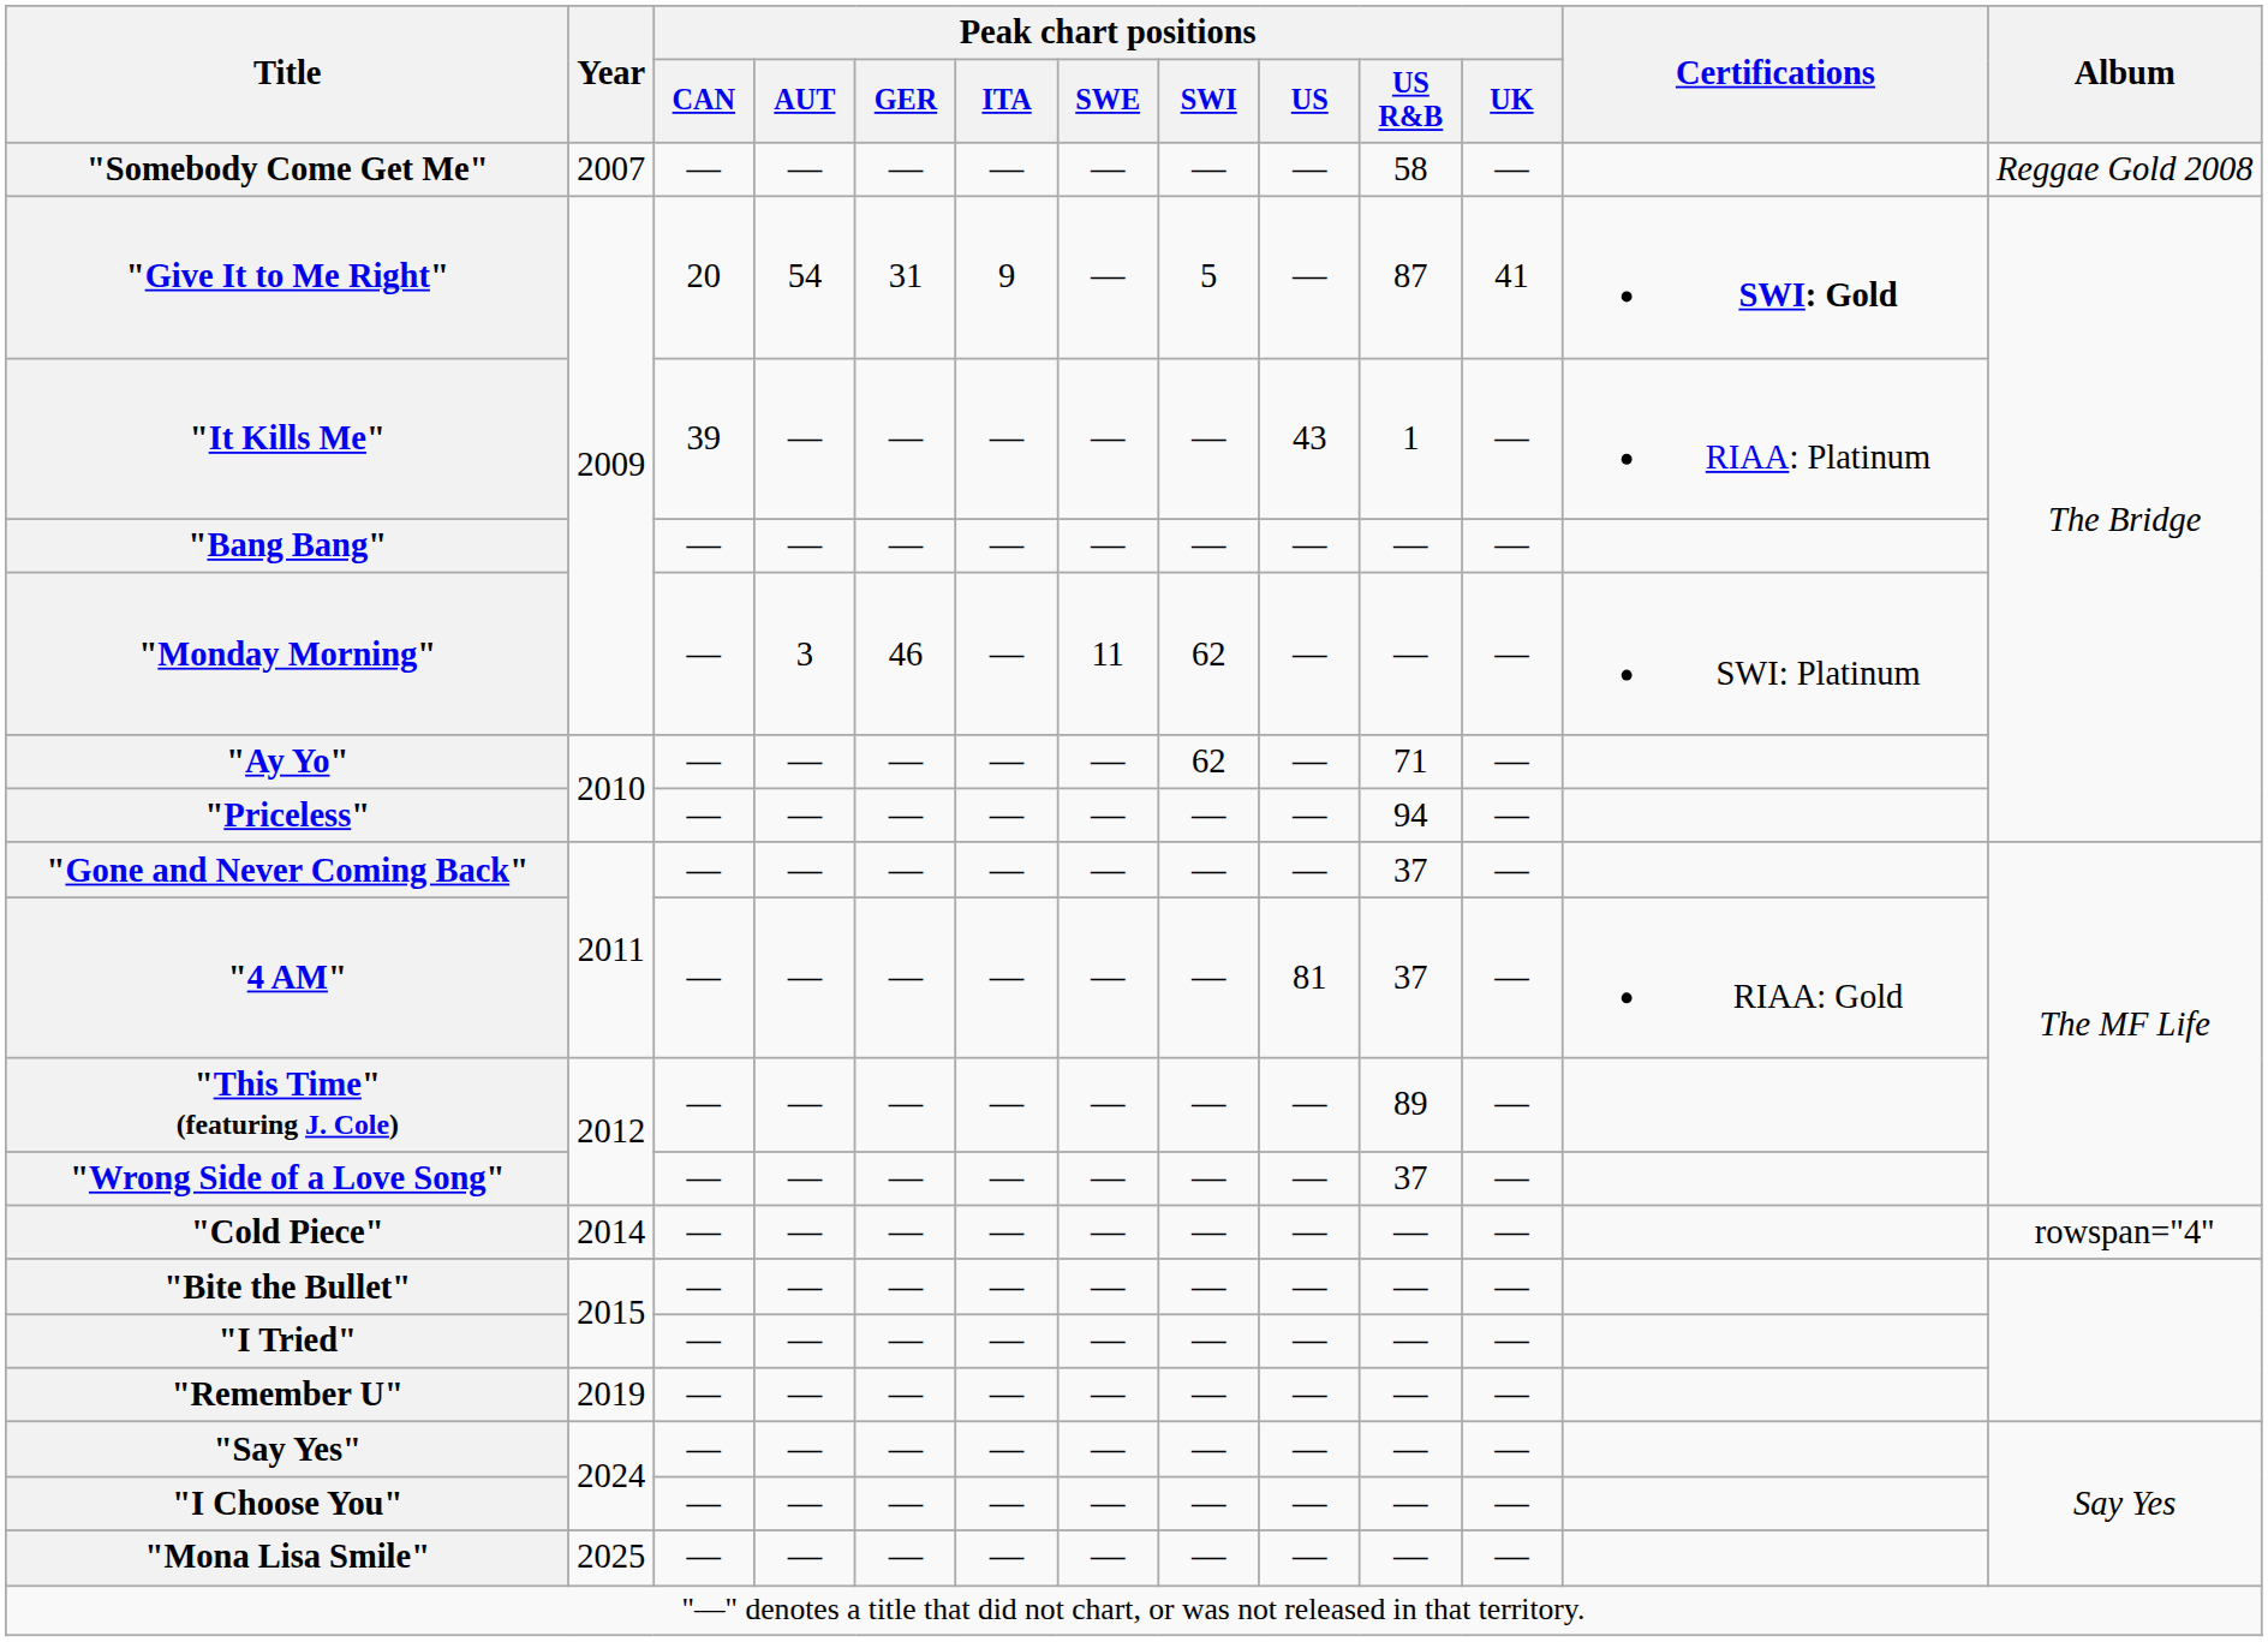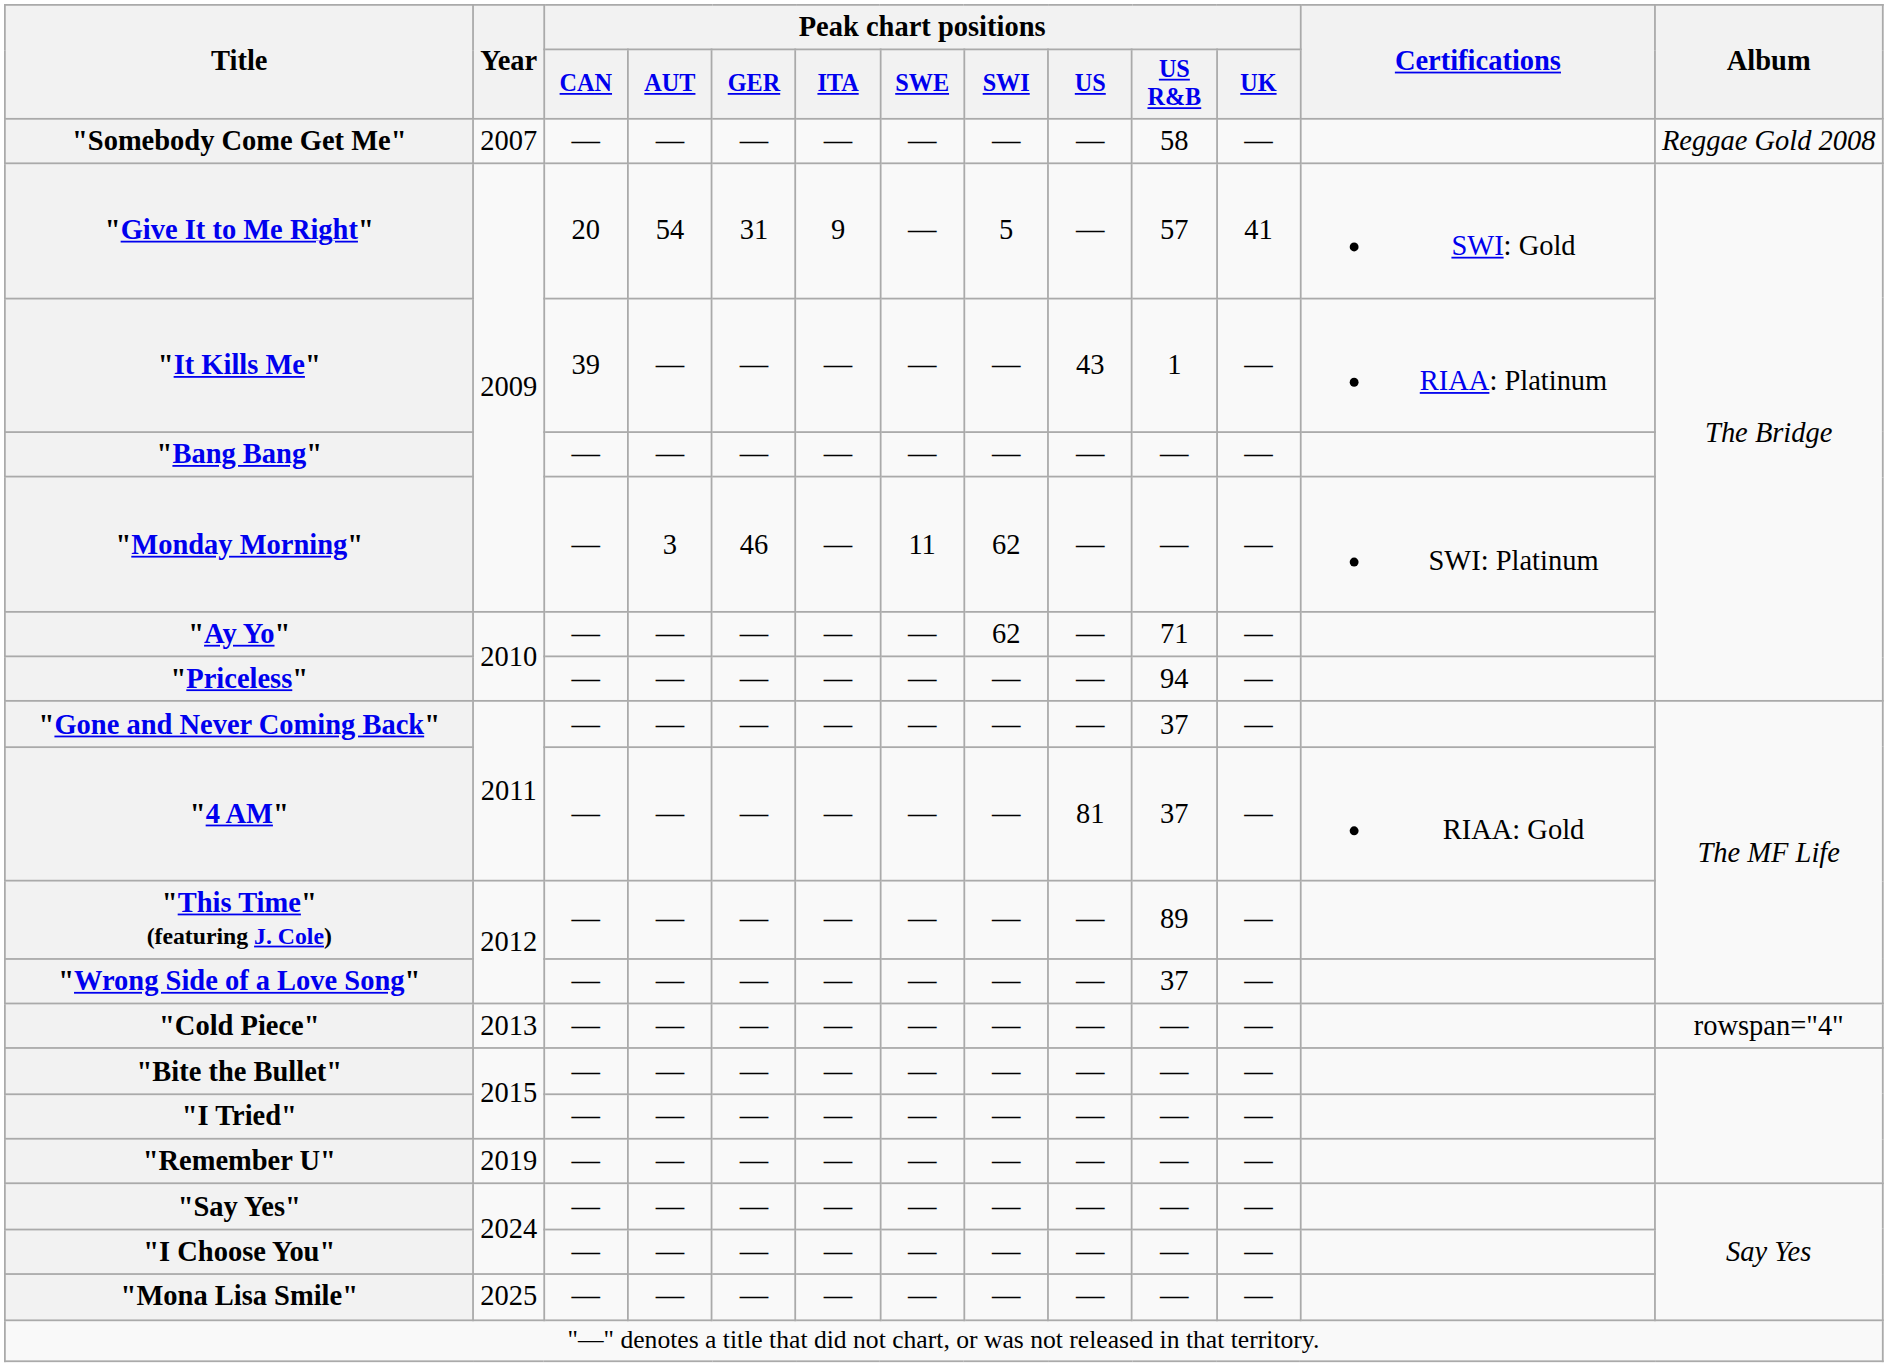 <table class="wikitable plainrowheaders" style="text-align:center;" border="1">
 <tr>
 <th scope="col" rowspan="2" style="width:16em;">Title</th>
 <th scope="col" rowspan="2">Year</th>
 <th scope="col" colspan="9">Peak chart positions</th>
 <th scope="col" rowspan="2" style="width:12em;"><a href='#'>Certifications</a></th>
 <th scope="col" rowspan="2">Album</th>
 </tr>
 <tr>
 <th scope="col" style="width:3em;font-size:85%;"><a href='#'>CAN</a><br></th>
 <th scope="col" style="width:3em;font-size:85%;"><a href='#'>AUT</a></th>
 <th scope="col" style="width:3em;font-size:85%;"><a href='#'>GER</a></th>
 <th scope="col" style="width:3em;font-size:85%;"><a href='#'>ITA</a></th>
 <th scope="col" style="width:3em;font-size:85%;"><a href='#'>SWE</a></th>
 <th scope="col" style="width:3em;font-size:85%;"><a href='#'>SWI</a></th>
 <th scope="col" style="width:3em;font-size:85%;"><a href='#'>US</a><br></th>
 <th scope="col" style="width:3em;font-size:85%;"><a href='#'>US<br>R&B</a><br></th>
 <th scope="col" style="width:3em;font-size:85%;"><a href='#'>UK</a></th>
 </tr>
 <tr>
 <th scope="row">"Somebody Come Get Me"<br></th>
 <td>2007</td>
 <td>—</td>
 <td>—</td>
 <td>—</td>
 <td>—</td>
 <td>—</td>
 <td>—</td>
 <td>—</td>
 <td>58</td>
 <td>—</td>
 <td></td>
 <td><em>Reggae Gold 2008</em></td>
 </tr>
 <tr>
 <th scope="row">"<a href='#'>Give It to Me Right</a>"</th>
 <td rowspan="4">2009</td>
 <td>20</td>
 <td>54</td>
 <td>31</td>
 <td>9</td>
 <td>—</td>
 <td>5</td>
 <td>—</td>
-<td>87</td>
+<td>57</td>
 <td>41</td>
-<td><strong><br><ul><li><a href='#'>SWI</a>: Gold</li></ul></strong></td>
+<td><br><ul><li><a href='#'>SWI</a>: Gold</li></ul></td>
 <td rowspan="6"><em>The Bridge</em></td>
 </tr>
 <tr>
 <th scope="row">"<a href='#'>It Kills Me</a>"</th>
 <td>39</td>
 <td>—</td>
 <td>—</td>
 <td>—</td>
 <td>—</td>
 <td>—</td>
 <td>43</td>
 <td>1</td>
 <td>—</td>
 <td><br><ul><li><a href='#'>RIAA</a>: Platinum</li></ul></td>
 </tr>
 <tr>
 <th scope="row">"<a href='#'>Bang Bang</a>"</th>
 <td>—</td>
 <td>—</td>
 <td>—</td>
 <td>—</td>
 <td>—</td>
 <td>—</td>
 <td>—</td>
 <td>—</td>
 <td>—</td>
 <td></td>
 </tr>
 <tr>
 <th scope="row">"<a href='#'>Monday Morning</a>"</th>
 <td>—</td>
 <td>3</td>
 <td>46</td>
 <td>—</td>
 <td>11</td>
 <td>62</td>
 <td>—</td>
 <td>—</td>
 <td>—</td>
 <td><br><ul><li>SWI: Platinum</li></ul></td>
 </tr>
 <tr>
 <th scope="row">"<a href='#'>Ay Yo</a>"</th>
 <td rowspan="2">2010</td>
 <td>—</td>
 <td>—</td>
 <td>—</td>
 <td>—</td>
 <td>—</td>
 <td>62</td>
 <td>—</td>
 <td>71</td>
 <td>—</td>
 <td></td>
 </tr>
 <tr>
 <th scope="row">"<a href='#'>Priceless</a>"</th>
 <td>—</td>
 <td>—</td>
 <td>—</td>
 <td>—</td>
 <td>—</td>
 <td>—</td>
 <td>—</td>
 <td>94</td>
 <td>—</td>
 <td></td>
 </tr>
 <tr>
 <th scope="row">"<a href='#'>Gone and Never Coming Back</a>"</th>
 <td rowspan="2">2011</td>
 <td>—</td>
 <td>—</td>
 <td>—</td>
 <td>—</td>
 <td>—</td>
 <td>—</td>
 <td>—</td>
 <td>37</td>
 <td>—</td>
 <td></td>
 <td rowspan="4"><em>The MF Life</em></td>
 </tr>
 <tr>
 <th scope="row">"<a href='#'>4 AM</a>"</th>
 <td>—</td>
 <td>—</td>
 <td>—</td>
 <td>—</td>
 <td>—</td>
 <td>—</td>
 <td>81</td>
 <td>37</td>
 <td>—</td>
 <td><br><ul><li>RIAA: Gold</li></ul></td>
 </tr>
 <tr>
 <th scope="row">"<a href='#'>This Time</a>"<br><small>(featuring <a href='#'>J. Cole</a>)</small></th>
 <td rowspan="2">2012</td>
 <td>—</td>
 <td>—</td>
 <td>—</td>
 <td>—</td>
 <td>—</td>
 <td>—</td>
 <td>—</td>
 <td>89</td>
 <td>—</td>
 <td></td>
 </tr>
 <tr>
 <th scope="row">"<a href='#'>Wrong Side of a Love Song</a>"</th>
 <td>—</td>
 <td>—</td>
 <td>—</td>
 <td>—</td>
 <td>—</td>
 <td>—</td>
 <td>—</td>
 <td>37</td>
 <td>—</td>
 <td></td>
 </tr>
 <tr>
 <th scope="row">"Cold Piece"</th>
-<td>2014</td>
+<td>2013</td>
 <td>—</td>
 <td>—</td>
 <td>—</td>
 <td>—</td>
 <td>—</td>
 <td>—</td>
 <td>—</td>
 <td>—</td>
 <td>—</td>
 <td></td>
 <td>rowspan="4" </td>
 </tr>
 <tr>
 <th scope="row">"Bite the Bullet"</th>
 <td rowspan="2">2015</td>
 <td>—</td>
 <td>—</td>
 <td>—</td>
 <td>—</td>
 <td>—</td>
 <td>—</td>
 <td>—</td>
 <td>—</td>
 <td>—</td>
 <td></td>
 </tr>
 <tr>
 <th scope="row">"I Tried"</th>
 <td>—</td>
 <td>—</td>
 <td>—</td>
 <td>—</td>
 <td>—</td>
 <td>—</td>
 <td>—</td>
 <td>—</td>
 <td>—</td>
 <td></td>
 </tr>
 <tr>
 <th scope="row">"Remember U"</th>
 <td>2019</td>
 <td>—</td>
 <td>—</td>
 <td>—</td>
 <td>—</td>
 <td>—</td>
 <td>—</td>
 <td>—</td>
 <td>—</td>
 <td>—</td>
 <td></td>
 </tr>
 <tr>
 <th scope="row">"Say Yes"</th>
 <td rowspan="2">2024</td>
 <td>—</td>
 <td>—</td>
 <td>—</td>
 <td>—</td>
 <td>—</td>
 <td>—</td>
 <td>—</td>
 <td>—</td>
 <td>—</td>
 <td></td>
 <td rowspan="3"><em>Say Yes</em></td>
 </tr>
 <tr>
 <th scope="row">"I Choose You"</th>
 <td>—</td>
 <td>—</td>
 <td>—</td>
 <td>—</td>
 <td>—</td>
 <td>—</td>
 <td>—</td>
 <td>—</td>
 <td>—</td>
 <td></td>
 </tr>
 <tr>
 <th scope="row">"Mona Lisa Smile"</th>
 <td>2025</td>
 <td>—</td>
 <td>—</td>
 <td>—</td>
 <td>—</td>
 <td>—</td>
 <td>—</td>
 <td>—</td>
 <td>—</td>
 <td>—</td>
 <td></td>
 </tr>
 <tr>
 <td colspan="14" style="font-size:90%">"—" denotes a title that did not chart, or was not released in that territory.</td>
 </tr>
 </table>
